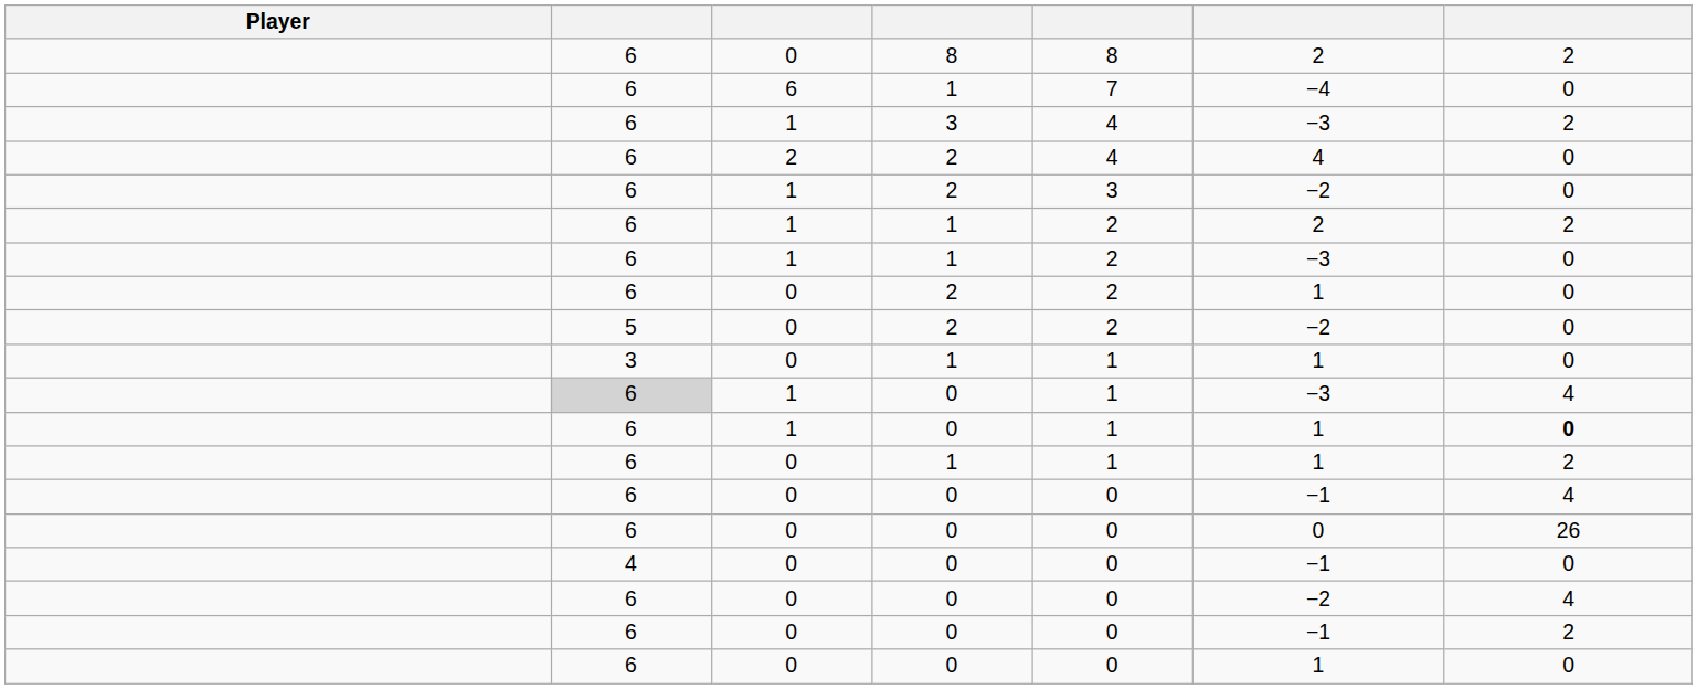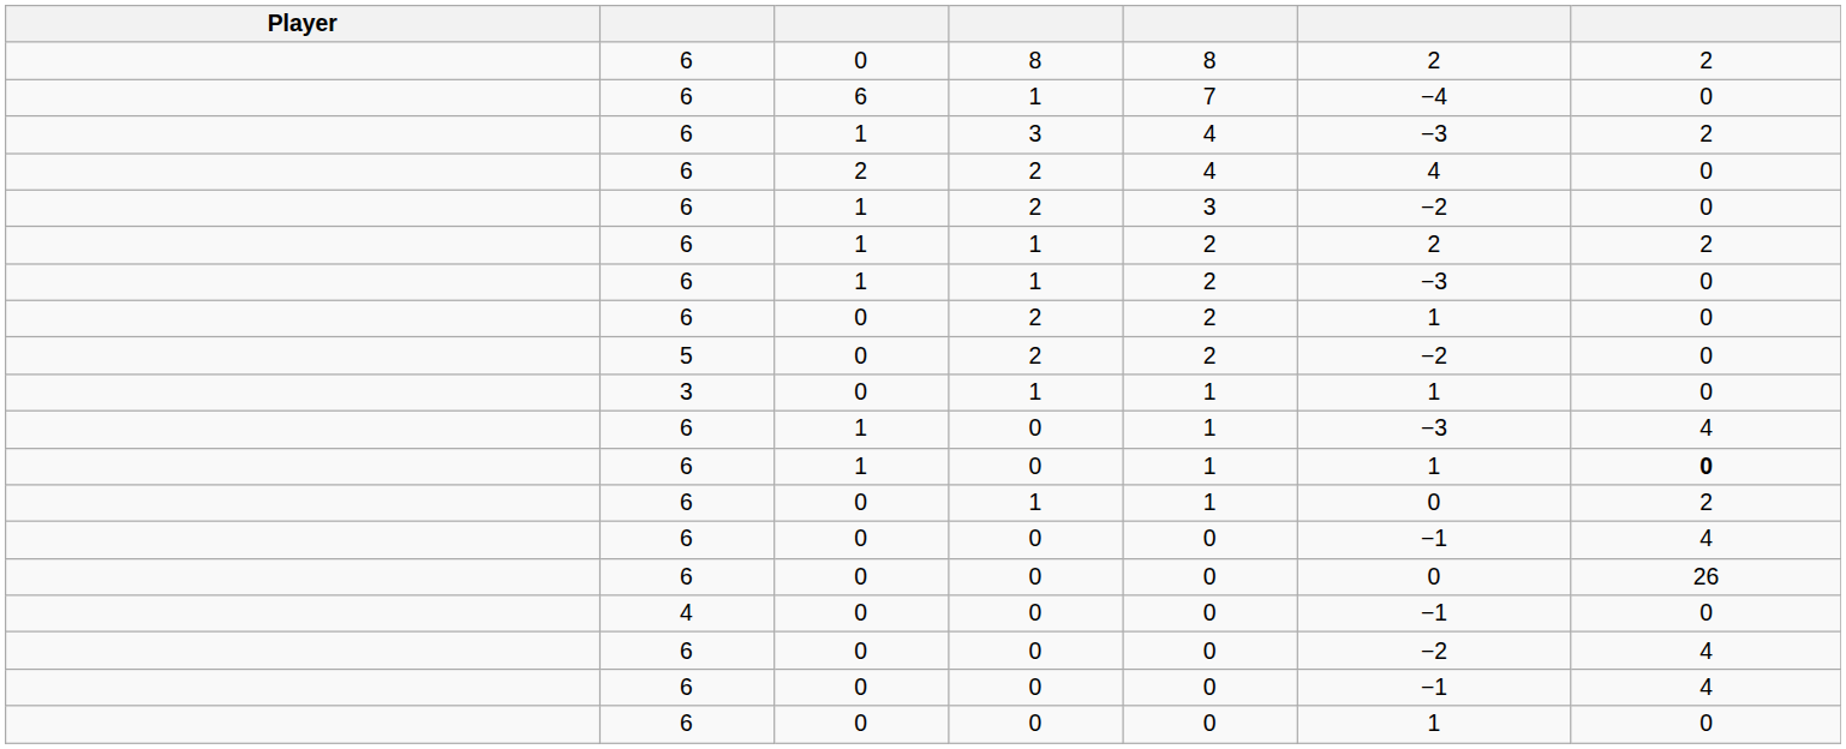 <table class="wikitable sortable" style="width:100%;">
 <tr align=center>
 <th>Player</th>
 <th></th>
 <th></th>
 <th></th>
 <th></th>
 <th data-sort-type="number"></th>
 <th></th>
 </tr>
 <tr align=center>
 <td></td>
 <td>6</td>
 <td>0</td>
 <td>8</td>
 <td>8</td>
 <td>2</td>
 <td>2</td>
 </tr>
 <tr align=center>
 <td></td>
 <td>6</td>
 <td>6</td>
 <td>1</td>
 <td>7</td>
 <td>−4</td>
 <td>0</td>
 </tr>
 <tr align=center>
 <td></td>
 <td>6</td>
 <td>1</td>
 <td>3</td>
 <td>4</td>
 <td>−3</td>
 <td>2</td>
 </tr>
 <tr align=center>
 <td></td>
 <td>6</td>
 <td>2</td>
 <td>2</td>
 <td>4</td>
 <td>4</td>
 <td>0</td>
 </tr>
 <tr align=center>
 <td></td>
 <td>6</td>
 <td>1</td>
 <td>2</td>
 <td>3</td>
 <td>−2</td>
 <td>0</td>
 </tr>
 <tr align=center>
 <td></td>
 <td>6</td>
 <td>1</td>
 <td>1</td>
 <td>2</td>
 <td>2</td>
 <td>2</td>
 </tr>
 <tr align=center>
 <td></td>
 <td>6</td>
 <td>1</td>
 <td>1</td>
 <td>2</td>
 <td>−3</td>
 <td>0</td>
 </tr>
 <tr align=center>
 <td></td>
 <td>6</td>
 <td>0</td>
 <td>2</td>
 <td>2</td>
 <td>1</td>
 <td>0</td>
 </tr>
 <tr align=center>
 <td></td>
 <td>5</td>
 <td>0</td>
 <td>2</td>
 <td>2</td>
 <td>−2</td>
 <td>0</td>
 </tr>
 <tr align=center>
 <td></td>
 <td>3</td>
 <td>0</td>
 <td>1</td>
 <td>1</td>
 <td>1</td>
 <td>0</td>
 </tr>
 <tr align=center>
 <td></td>
-<td style="background: lightgrey;">6</td>
+<td>6</td>
 <td>1</td>
 <td>0</td>
 <td>1</td>
 <td>−3</td>
 <td>4</td>
 </tr>
 <tr align=center>
 <td></td>
 <td>6</td>
 <td>1</td>
 <td>0</td>
 <td>1</td>
 <td>1</td>
 <td><strong>0</strong></td>
 </tr>
 <tr align=center>
 <td></td>
 <td>6</td>
 <td>0</td>
 <td>1</td>
 <td>1</td>
-<td>1</td>
+<td>0</td>
 <td>2</td>
 </tr>
 <tr align=center>
 <td></td>
 <td>6</td>
 <td>0</td>
 <td>0</td>
 <td>0</td>
 <td>−1</td>
 <td>4</td>
 </tr>
 <tr align=center>
 <td></td>
 <td>6</td>
 <td>0</td>
 <td>0</td>
 <td>0</td>
 <td>0</td>
 <td>26</td>
 </tr>
 <tr align=center>
 <td></td>
 <td>4</td>
 <td>0</td>
 <td>0</td>
 <td>0</td>
 <td>−1</td>
 <td>0</td>
 </tr>
 <tr align=center>
 <td></td>
 <td>6</td>
 <td>0</td>
 <td>0</td>
 <td>0</td>
 <td>−2</td>
 <td>4</td>
 </tr>
 <tr align=center>
 <td></td>
 <td>6</td>
 <td>0</td>
 <td>0</td>
 <td>0</td>
 <td>−1</td>
-<td>2</td>
+<td>4</td>
 </tr>
 <tr align=center>
 <td></td>
 <td>6</td>
 <td>0</td>
 <td>0</td>
 <td>0</td>
 <td>1</td>
 <td>0</td>
 </tr>
 </table>
